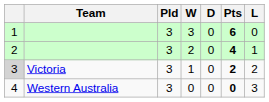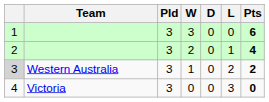 <table class="wikitable" style="text-align:center;">
 <tr>
 <th width=20 abbr="Position"></th>
 <th width=175>Team</th>
 <th width=20 abbr="Played">Pld</th>
 <th width=20 abbr="Won">W</th>
 <th width=20 abbr="Drawn">D</th>
+<th width=20 abbr="Lost">L</th>
 <th width=20 abbr="Points">Pts</th>
-<th width=20 abbr="Lost">L</th>
 </tr>
 <tr style="background: #ccffcc;">
 <td>1</td>
 <td style="text-align:left;"></td>
 <td>3</td>
 <td>3</td>
 <td>0</td>
+<td>0</td>
 <td><strong>6</strong></td>
-<td>0</td>
 </tr>
 <tr style="background: #ccffcc;">
 <td>2</td>
 <td style="text-align:left;"></td>
 <td>3</td>
 <td>2</td>
 <td>0</td>
+<td>1</td>
 <td><strong>4</strong></td>
-<td>1</td>
 </tr>
 <tr>
 <td style="background: lightgrey;">3</td>
-<td style="text-align:left;"> <a href='#'>Victoria</a></td>
+<td style="text-align:left;"> <a href='#'>Western Australia</a></td>
 <td>3</td>
 <td>1</td>
 <td>0</td>
+<td>2</td>
 <td><strong>2</strong></td>
-<td>2</td>
 </tr>
 <tr>
 <td>4</td>
-<td style="text-align:left;"> <a href='#'>Western Australia</a></td>
+<td style="text-align:left;"> <a href='#'>Victoria</a></td>
 <td>3</td>
 <td>0</td>
 <td>0</td>
+<td>3</td>
 <td><strong>0</strong></td>
-<td>3</td>
 </tr>
 </table>
